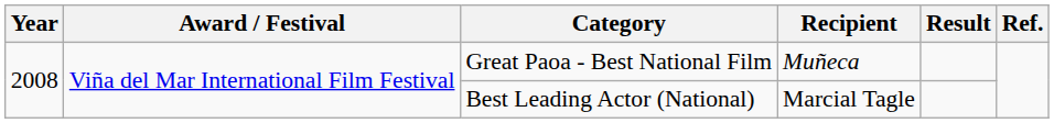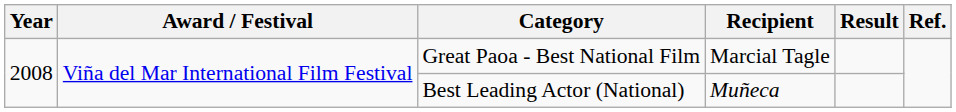 <table class="wikitable">
 <tr>
 <th>Year</th>
 <th>Award / Festival</th>
 <th>Category</th>
 <th>Recipient</th>
 <th>Result</th>
 <th>Ref.</th>
 </tr>
 <tr>
 <td rowspan="2">2008</td>
 <td rowspan="2"><a href='#'>Viña del Mar International Film Festival</a></td>
 <td>Great Paoa - Best National Film</td>
-<td><em>Muñeca</em></td>
+<td>Marcial Tagle</td>
 <td></td>
 <td rowspan="2"></td>
 </tr>
 <tr>
 <td>Best Leading Actor (National)</td>
-<td>Marcial Tagle</td>
+<td><em>Muñeca</em></td>
 <td></td>
 </tr>
 </table>
